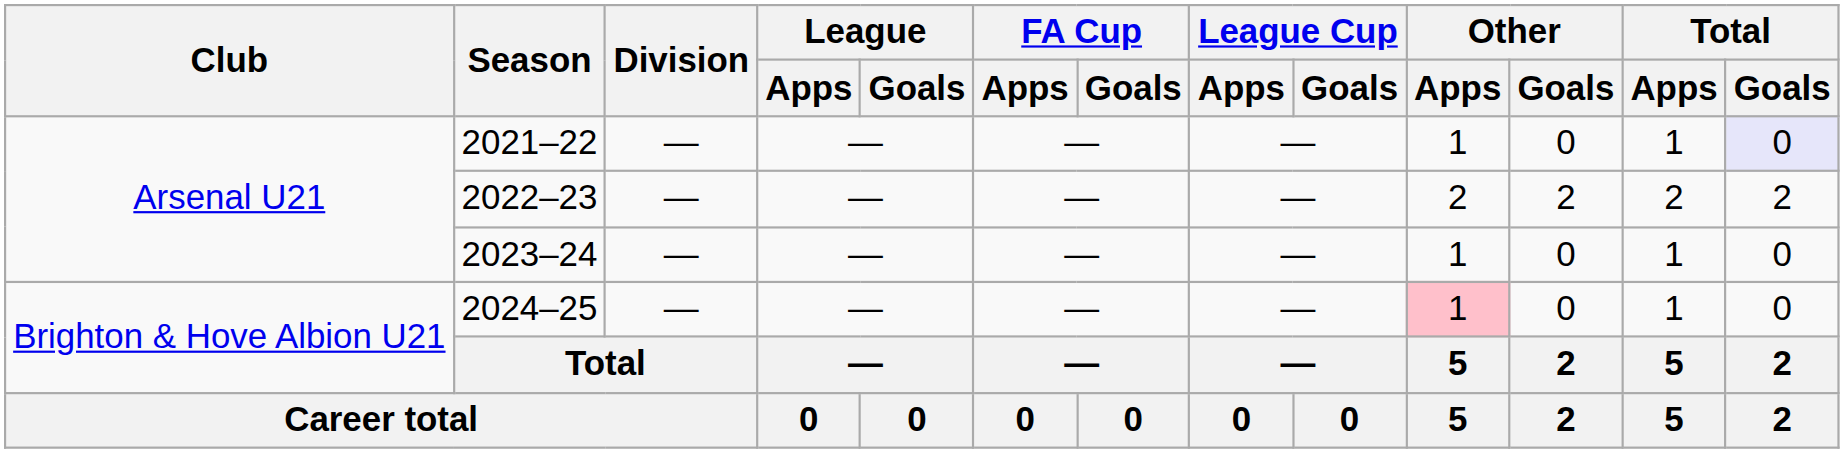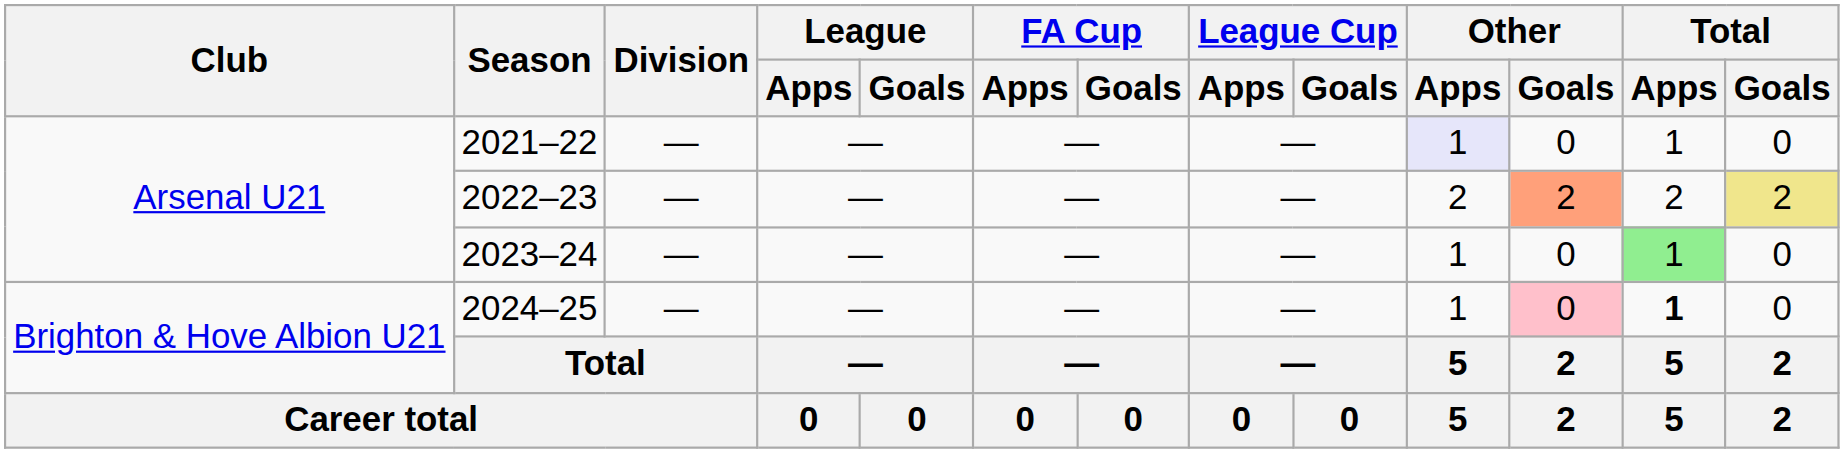 <table class="wikitable" style="text-align:center;">
 <tr>
 <th rowspan="2">Club</th>
 <th rowspan="2">Season</th>
 <th rowspan="2">Division</th>
 <th colspan="2">League</th>
 <th colspan="2"><a href='#'>FA Cup</a></th>
 <th colspan="2"><a href='#'>League Cup</a></th>
 <th colspan="2">Other</th>
 <th colspan="2">Total</th>
 </tr>
 <tr>
 <th>Apps</th>
 <th>Goals</th>
 <th>Apps</th>
 <th>Goals</th>
 <th>Apps</th>
 <th>Goals</th>
 <th>Apps</th>
 <th>Goals</th>
 <th>Apps</th>
 <th>Goals</th>
 </tr>
 <tr>
 <td rowspan="3"><a href='#'>Arsenal U21</a></td>
 <td>2021–22</td>
 <td>—</td>
 <td colspan="2">—</td>
 <td colspan="2">—</td>
 <td colspan="2">—</td>
+<td style="background: lavender;">1</td>
+<td>0</td>
 <td>1</td>
 <td>0</td>
-<td>1</td>
-<td style="background: lavender;">0</td>
 </tr>
 <tr>
 <td>2022–23</td>
 <td>—</td>
 <td colspan="2">—</td>
 <td colspan="2">—</td>
 <td colspan="2">—</td>
 <td>2</td>
+<td style="background: lightsalmon;">2</td>
 <td>2</td>
-<td>2</td>
-<td>2</td>
+<td style="background: khaki;">2</td>
 </tr>
 <tr>
 <td>2023–24</td>
 <td>—</td>
 <td colspan="2">—</td>
 <td colspan="2">—</td>
 <td colspan="2">—</td>
 <td>1</td>
 <td>0</td>
-<td>1</td>
+<td style="background: lightgreen;">1</td>
 <td>0</td>
 </tr>
 <tr>
 <td rowspan="2"><a href='#'>Brighton & Hove Albion U21</a></td>
 <td>2024–25</td>
 <td>—</td>
 <td colspan="2">—</td>
 <td colspan="2">—</td>
 <td colspan="2">—</td>
-<td style="background: pink;">1</td>
-<td>0</td>
 <td>1</td>
+<td style="background: pink;">0</td>
+<td><strong>1</strong></td>
 <td>0</td>
 </tr>
 <tr>
 <th colspan="2">Total</th>
 <th colspan="2">—</th>
 <th colspan="2">—</th>
 <th colspan="2">—</th>
 <th>5</th>
 <th>2</th>
 <th>5</th>
 <th>2</th>
 </tr>
 <tr>
 <th colspan="3">Career total</th>
 <th>0</th>
 <th>0</th>
 <th>0</th>
 <th>0</th>
 <th>0</th>
 <th>0</th>
 <th>5</th>
 <th>2</th>
 <th>5</th>
 <th>2</th>
 </tr>
 </table>
